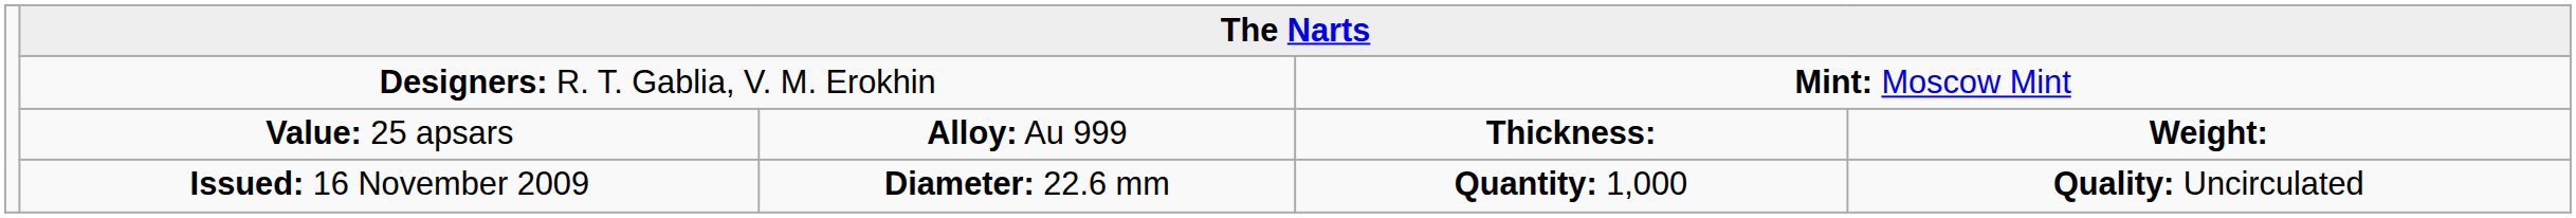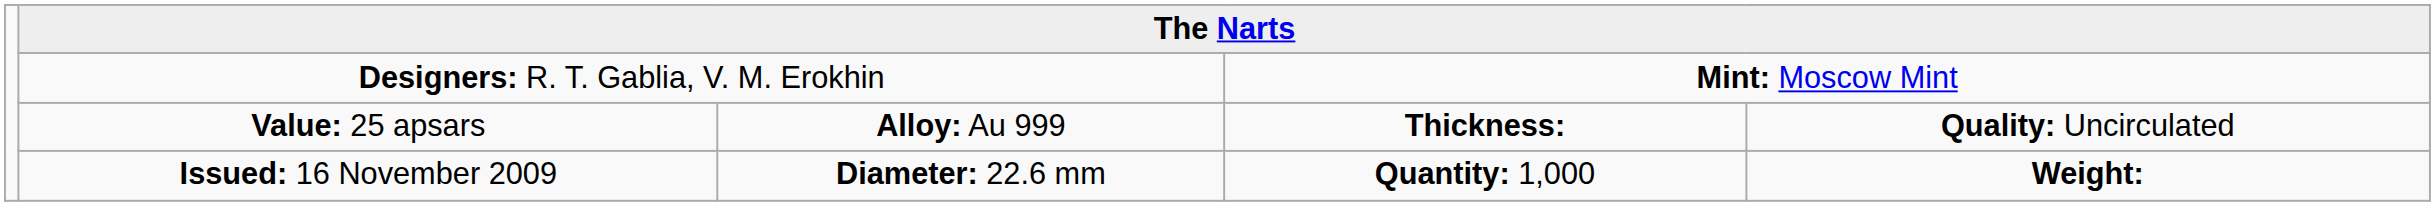 <table class="wikitable" width="100%">
 <tr>
 <td rowspan=4 width="330px" nowrap align=center><br> </td>
 <th colspan="4" align=center style="background:#eeeeee;">The <a href='#'>Narts</a></th>
 </tr>
 <tr>
 <td colspan="2" width="50%" align=center><strong>Designers:</strong> R. T. Gablia, V. M. Erokhin</td>
 <td colspan="2" width="50%" align=center><strong>Mint:</strong> <a href='#'>Moscow Mint</a></td>
 </tr>
 <tr>
 <td align=center><strong>Value:</strong> 25 apsars</td>
 <td align=center><strong>Alloy:</strong> Au 999</td>
 <td align=center><strong>Thickness:</strong></td>
-<td align=center><strong>Weight:</strong></td>
+<td align=center><strong>Quality:</strong> Uncirculated</td>
 </tr>
 <tr>
 <td align=center><strong>Issued:</strong> 16 November 2009</td>
 <td align=center><strong>Diameter:</strong> 22.6 mm</td>
 <td align=center><strong>Quantity:</strong> 1,000</td>
-<td align=center><strong>Quality:</strong> Uncirculated</td>
+<td align=center><strong>Weight:</strong></td>
 </tr>
 </table>
